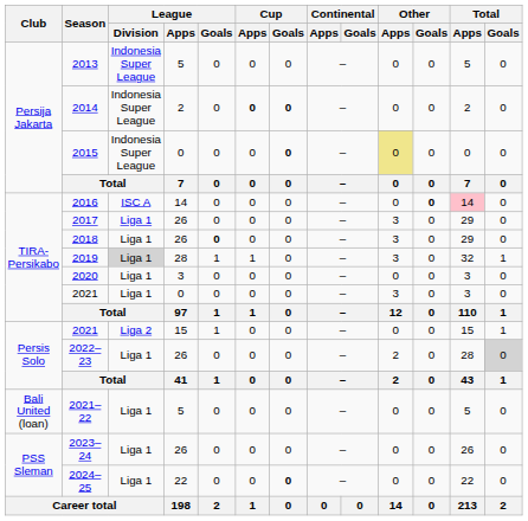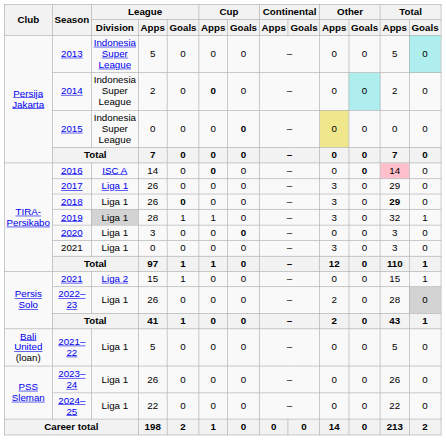 <table class="wikitable" style="text-align: center">
 <tr>
 <th rowspan="2">Club</th>
 <th rowspan="2">Season</th>
 <th colspan="3">League</th>
 <th colspan="2">Cup</th>
 <th colspan="2">Continental</th>
 <th colspan="2">Other</th>
 <th colspan="2">Total</th>
 </tr>
 <tr>
 <th>Division</th>
 <th>Apps</th>
 <th>Goals</th>
 <th>Apps</th>
 <th>Goals</th>
 <th>Apps</th>
 <th>Goals</th>
 <th>Apps</th>
 <th>Goals</th>
 <th>Apps</th>
 <th>Goals</th>
 </tr>
 <tr>
 <td rowspan="4"><a href='#'>Persija Jakarta</a></td>
 <td><a href='#'>2013</a></td>
 <td rowspan="1"><a href='#'>Indonesia Super League</a></td>
 <td>5</td>
 <td>0</td>
 <td>0</td>
 <td>0</td>
 <td colspan="2">–</td>
 <td>0</td>
 <td>0</td>
 <td>5</td>
-<td>0</td>
+<td style="background: paleturquoise;">0</td>
 </tr>
 <tr>
 <td><a href='#'>2014</a></td>
 <td rowspan="1">Indonesia Super League</td>
 <td>2</td>
 <td>0</td>
 <td><strong>0</strong></td>
-<td><strong>0</strong></td>
+<td>0</td>
 <td colspan="2">–</td>
 <td>0</td>
-<td>0</td>
+<td style="background: paleturquoise;">0</td>
 <td>2</td>
 <td>0</td>
 </tr>
 <tr>
 <td><a href='#'>2015</a></td>
 <td rowspan="1">Indonesia Super League</td>
 <td>0</td>
 <td>0</td>
 <td>0</td>
 <td><strong>0</strong></td>
 <td colspan="2">–</td>
 <td style="background: khaki;">0</td>
 <td>0</td>
 <td>0</td>
 <td>0</td>
 </tr>
 <tr>
 <th colspan="2">Total</th>
 <th>7</th>
 <th>0</th>
 <th>0</th>
 <th>0</th>
 <th colspan="2">–</th>
 <th>0</th>
 <th>0</th>
 <th>7</th>
 <th>0</th>
 </tr>
 <tr>
 <td rowspan="7"><a href='#'>TIRA-Persikabo</a></td>
 <td><a href='#'>2016</a></td>
 <td><a href='#'>ISC A</a></td>
 <td>14</td>
 <td>0</td>
-<td>0</td>
+<td><strong>0</strong></td>
 <td>0</td>
 <td colspan="2">–</td>
 <td>0</td>
 <td><strong>0</strong></td>
 <td style="background: pink;">14</td>
 <td>0</td>
 </tr>
 <tr>
 <td><a href='#'>2017</a></td>
 <td rowspan="1"><a href='#'>Liga 1</a></td>
 <td>26</td>
 <td>0</td>
 <td>0</td>
 <td>0</td>
 <td colspan="2">–</td>
 <td>3</td>
 <td>0</td>
 <td>29</td>
 <td>0</td>
 </tr>
 <tr>
 <td><a href='#'>2018</a></td>
 <td rowspan="1" valign="center">Liga 1</td>
 <td>26</td>
 <td><strong>0</strong></td>
 <td>0</td>
 <td>0</td>
 <td colspan="2">–</td>
 <td>3</td>
 <td>0</td>
-<td>29</td>
+<td><strong>29</strong></td>
 <td>0</td>
 </tr>
 <tr>
 <td><a href='#'>2019</a></td>
 <td rowspan="1" valign="center" style="background: lightgrey;">Liga 1</td>
 <td>28</td>
 <td>1</td>
 <td>1</td>
 <td>0</td>
 <td colspan="2">–</td>
 <td>3</td>
 <td>0</td>
 <td>32</td>
 <td>1</td>
 </tr>
 <tr>
 <td><a href='#'>2020</a></td>
 <td rowspan="1" valign="center">Liga 1</td>
 <td>3</td>
 <td>0</td>
 <td>0</td>
-<td>0</td>
+<td><strong>0</strong></td>
 <td colspan="2">–</td>
 <td>0</td>
 <td>0</td>
 <td>3</td>
 <td>0</td>
 </tr>
 <tr>
 <td>2021</td>
 <td rowspan="1" valign="center">Liga 1</td>
 <td>0</td>
 <td>0</td>
 <td>0</td>
 <td>0</td>
 <td colspan="2">–</td>
 <td>3</td>
 <td>0</td>
 <td>3</td>
 <td>0</td>
 </tr>
 <tr>
 <th colspan="2">Total</th>
 <th>97</th>
 <th>1</th>
 <th>1</th>
 <th>0</th>
 <th colspan="2">–</th>
 <th>12</th>
 <th>0</th>
 <th>110</th>
 <th>1</th>
 </tr>
 <tr>
 <td rowspan="3"><a href='#'>Persis Solo</a></td>
 <td><a href='#'>2021</a></td>
 <td rowspan="1"><a href='#'>Liga 2</a></td>
 <td>15</td>
 <td>1</td>
 <td>0</td>
 <td>0</td>
 <td colspan="2">–</td>
 <td>0</td>
 <td>0</td>
 <td>15</td>
 <td>1</td>
 </tr>
 <tr>
 <td><a href='#'>2022–23</a></td>
 <td>Liga 1</td>
 <td>26</td>
 <td>0</td>
 <td>0</td>
 <td>0</td>
 <td colspan="2">–</td>
 <td>2</td>
 <td>0</td>
 <td>28</td>
 <td style="background: lightgrey;">0</td>
 </tr>
 <tr>
 <th colspan="2">Total</th>
 <th>41</th>
 <th>1</th>
 <th>0</th>
 <th>0</th>
 <th colspan="2">–</th>
 <th>2</th>
 <th>0</th>
 <th>43</th>
 <th>1</th>
 </tr>
 <tr>
 <td rowspan="1"><a href='#'>Bali United</a> (loan)</td>
 <td><a href='#'>2021–22</a></td>
 <td rowspan="1">Liga 1</td>
 <td>5</td>
 <td>0</td>
 <td>0</td>
 <td>0</td>
 <td colspan="2">–</td>
 <td>0</td>
 <td>0</td>
 <td>5</td>
 <td>0</td>
 </tr>
 <tr>
 <td rowspan="2"><a href='#'>PSS Sleman</a></td>
 <td><a href='#'>2023–24</a></td>
 <td>Liga 1</td>
 <td>26</td>
 <td>0</td>
 <td>0</td>
 <td>0</td>
 <td colspan="2">–</td>
 <td>0</td>
 <td>0</td>
 <td>26</td>
 <td>0</td>
 </tr>
 <tr>
 <td><a href='#'>2024–25</a></td>
 <td>Liga 1</td>
 <td>22</td>
 <td>0</td>
 <td>0</td>
-<td><strong>0</strong></td>
+<td>0</td>
 <td colspan="2">–</td>
 <td>0</td>
 <td>0</td>
 <td>22</td>
 <td>0</td>
 </tr>
 <tr>
 <th colspan=3>Career total</th>
 <th>198</th>
 <th>2</th>
 <th>1</th>
 <th>0</th>
 <th>0</th>
 <th>0</th>
 <th>14</th>
 <th>0</th>
 <th>213</th>
 <th>2</th>
 </tr>
 </table>
